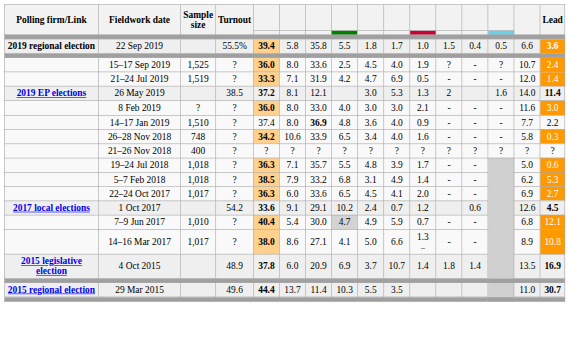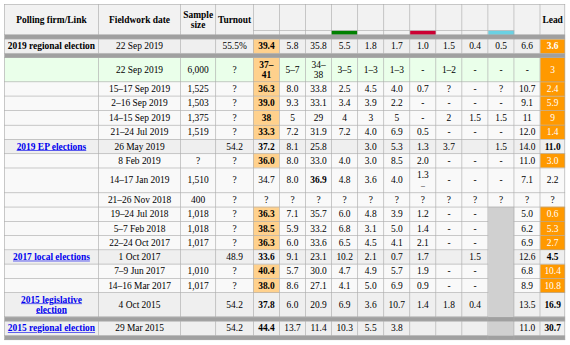 <table class="wikitable collapsible sortable" style="text-align:center; font-size:95%; line-height:16px;">
 <tr style="height:42px;">
 <th style="width:145px;" rowspan="2">Polling firm/Link</th>
 <th style="width:125px;" rowspan="2">Fieldwork date</th>
 <th class="unsortable" style="width:50px;" rowspan="2">Sample size</th>
 <th class="unsortable" style="width:45px;" rowspan="2">Turnout</th>
 <th class="unsortable" style="width:35px;"></th>
 <th class="unsortable" style="width:35px;"></th>
 <th class="unsortable" style="width:35px;"></th>
 <th class="unsortable" style="width:35px;"></th>
 <th class="unsortable" style="width:35px;"></th>
 <th class="unsortable" style="width:35px;"></th>
 <th class="unsortable" style="width:35px;"></th>
 <th class="unsortable" style="width:35px;"></th>
 <th class="unsortable" style="width:35px;"></th>
 <th class="unsortable" style="width:35px;"></th>
 <th class="unsortable" style="width:35px;" rowspan="2"></th>
 <th class="unsortable" style="width:30px;" rowspan="2">Lead</th>
 </tr>
 <tr>
 <th class="unsortable" style="color:inherit;background:"></th>
 <th class="unsortable" style="color:inherit;background:"></th>
 <th class="unsortable" style="color:inherit;background:"></th>
 <th class="unsortable" style="color:inherit;background:green;"></th>
 <th class="unsortable" style="color:inherit;background:"></th>
 <th class="unsortable" style="color:inherit;background:"></th>
 <th class="unsortable" style="color:inherit;background:#CC0033;"></th>
 <th class="unsortable" style="color:inherit;background:"></th>
 <th class="unsortable" style="color:inherit;background:"></th>
 <th class="unsortable" style="color:inherit;background:#6AD1E3;"></th>
 </tr>
 <tr>
 <td colspan="16" style="background:#A0A0A0"></td>
 </tr>
 <tr style="background:#EFEFEF;">
 <td><strong>2019 regional election</strong></td>
 <td>22 Sep 2019</td>
 <td></td>
 <td align="center">55.5%</td>
 <td style="background:#FFD18D"><strong>39.4</strong><br></td>
 <td>5.8<br></td>
 <td>35.8<br></td>
 <td>5.5<br></td>
 <td>1.8<br></td>
 <td>1.7<br></td>
 <td>1.0<br></td>
 <td>1.5<br></td>
 <td>0.4<br></td>
 <td>0.5<br></td>
 <td>6.6<br></td>
 <td style="background:#FF9900; color:white"><strong>3.6</strong></td>
 </tr>
 <tr>
 <td colspan="16" style="background:#A0A0A0"></td>
 </tr>
+<tr style="background:#EAFFEA"|>
+<td></td>
+<td data-sort-value="2019-02-08">22 Sep 2019</td>
+<td>6,000</td>
+<td>?</td>
+<td style="background:#FFD18D"><strong>37–41</strong><br></td>
+<td>5–7<br></td>
+<td>34–38<br></td>
+<td>3–5<br></td>
+<td>1–3<br></td>
+<td>1–3<br></td>
+<td>-</td>
+<td>1–2<br></td>
+<td>-</td>
+<td>-</td>
+<td>-</td>
+<td style="background:#FF9900; color:white">3</td>
+</tr>
 <tr>
 <td></td>
 <td data-sort-value="2019-07-24">15–17 Sep 2019</td>
 <td>1,525</td>
 <td>?</td>
-<td style="background:#FFD18D"><strong>36.0</strong><br></td>
+<td style="background:#FFD18D"><strong>36.3</strong><br></td>
 <td>8.0<br></td>
-<td>33.6<br></td>
+<td>33.8<br></td>
 <td>2.5<br></td>
 <td>4.5<br></td>
 <td>4.0<br></td>
-<td>1.9<br></td>
+<td>0.7<br></td>
 <td>?<br></td>
 <td>-</td>
 <td>?<br></td>
 <td>10.7<br></td>
 <td style="background:#FF9900; color:white">2.4</td>
 </tr>
 <tr>
 <td></td>
+<td data-sort-value="2019-02-08">2–16 Sep 2019</td>
+<td>1,503</td>
+<td>?</td>
+<td style="background:#FFD18D"><strong>39.0</strong><br></td>
+<td>9.3<br></td>
+<td>33.1<br></td>
+<td>3.4<br></td>
+<td>3.9<br></td>
+<td>2.2<br></td>
+<td>-</td>
+<td>-</td>
+<td>-</td>
+<td>-</td>
+<td>9.1<br></td>
+<td style="background:#FF9900; color:white">5.9</td>
+</tr>
+<tr>
+<td></td>
+<td data-sort-value="2019-02-08">14–15 Sep 2019</td>
+<td>1,375</td>
+<td>?</td>
+<td style="background:#FFD18D"><strong>38</strong><br></td>
+<td>5<br></td>
+<td>29<br></td>
+<td>4<br></td>
+<td>3<br></td>
+<td>5<br></td>
+<td>-</td>
+<td>2<br></td>
+<td>1.5<br></td>
+<td>1.5<br></td>
+<td>11<br></td>
+<td style="background:#FF9900; color:white">9</td>
+</tr>
+<tr>
+<td></td>
 <td data-sort-value="2019-07-24">21–24 Jul 2019</td>
 <td>1,519</td>
 <td>?</td>
 <td style="background:#FFD18D"><strong>33.3</strong><br></td>
-<td>7.1<br></td>
+<td>7.2<br></td>
 <td>31.9<br></td>
-<td>4.2<br></td>
-<td>4.7<br></td>
+<td>7.2<br></td>
+<td>4.0<br></td>
 <td>6.9<br></td>
 <td>0.5<br></td>
 <td>-</td>
 <td>-</td>
 <td>-</td>
 <td>12.0<br></td>
 <td style="background:#FF9900; color:white">1.4</td>
 </tr>
 <tr style="background:#EFEFEF;">
 <td><strong><a href='#'>2019 EP elections</a></strong></td>
 <td data-sort-value="2019-05-26">26 May 2019</td>
 <td></td>
-<td>38.5</td>
+<td>54.2</td>
 <td><strong>37.2</strong><br></td>
 <td>8.1<br></td>
-<td>12.1<br></td>
+<td>25.8<br></td>
 <td></td>
 <td>3.0<br></td>
 <td>5.3<br></td>
 <td>1.3<br></td>
-<td>2<br></td>
+<td>3.7<br></td>
 <td></td>
-<td>1.6<br></td>
+<td>1.5<br></td>
 <td>14.0<br></td>
-<td style="background:"><strong>11.4</strong></td>
+<td style="background:"><strong>11.0</strong></td>
 </tr>
 <tr>
 <td></td>
 <td data-sort-value="2019-02-08">8 Feb 2019</td>
 <td>?</td>
 <td>?</td>
 <td style="background:#FFD18D"><strong>36.0</strong><br></td>
 <td>8.0<br></td>
 <td>33.0<br></td>
 <td>4.0<br></td>
 <td>3.0<br></td>
-<td>3.0<br></td>
-<td>2.1<br></td>
+<td>8.5<br></td>
+<td>2.0<br></td>
 <td>-</td>
 <td>-</td>
 <td>-</td>
-<td>11.6<br></td>
+<td>11.0<br></td>
 <td style="background:#FF9900; color:white">3.0</td>
 </tr>
 <tr>
 <td></td>
 <td data-sort-value="2019-01-17">14–17 Jan 2019</td>
 <td>1,510</td>
 <td>?</td>
-<td>37.4<br></td>
+<td>34.7<br></td>
 <td>8.0<br></td>
 <td><strong>36.9</strong><br></td>
 <td>4.8<br></td>
 <td>3.6<br></td>
 <td>4.0<br></td>
-<td>0.9<br></td>
+<td>1.3<br><small>–</small></td>
 <td>-</td>
 <td>-</td>
 <td>-</td>
-<td>7.7<br></td>
+<td>7.1<br></td>
 <td style="background:">2.2</td>
-</tr>
-<tr>
-<td></td>
-<td data-sort-value="2018-11-28">26–28 Nov 2018</td>
-<td>748</td>
-<td>?</td>
-<td style="background:#FFD18D"><strong>34.2</strong><br></td>
-<td>10.6<br></td>
-<td>33.9<br></td>
-<td>6.5<br></td>
-<td>3.4<br></td>
-<td>4.0<br></td>
-<td>1.6<br></td>
-<td>-</td>
-<td>-</td>
-<td>-</td>
-<td>5.8<br></td>
-<td style="background:#FF9900; color:white">0.3</td>
 </tr>
 <tr>
 <td></td>
 <td data-sort-value="2018-11-26">21–26 Nov 2018</td>
 <td>400</td>
 <td>?</td>
 <td>?<br></td>
 <td>?<br></td>
 <td>?<br></td>
 <td>?<br></td>
 <td>?<br></td>
 <td>?<br></td>
 <td>?<br></td>
 <td>?<br></td>
 <td>?<br></td>
 <td>?<br></td>
 <td>?<br></td>
 <td style="background:">?</td>
 </tr>
 <tr>
 <td></td>
 <td data-sort-value="2018-07-24">19–24 Jul 2018</td>
 <td>1,018</td>
 <td>?</td>
 <td style="background:#FFD18D"><strong>36.3</strong><br></td>
 <td>7.1<br></td>
 <td>35.7<br></td>
-<td>5.5<br></td>
+<td>6.0<br></td>
 <td>4.8<br></td>
 <td>3.9<br></td>
-<td>1.7<br></td>
+<td>1.2<br></td>
 <td>-</td>
 <td>-</td>
 <td rowspan="10" style="background:#D0D0D0; width:1px;"></td>
 <td>5.0<br></td>
 <td style="background:#FF9900; color:white">0.6</td>
 </tr>
 <tr>
 <td></td>
 <td data-sort-value="2018-02-05">5–7 Feb 2018</td>
 <td>1,018</td>
 <td>?</td>
 <td style="background:#FFD18D"><strong>38.5</strong><br></td>
-<td>7.9<br></td>
+<td>5.9<br></td>
 <td>33.2<br></td>
 <td>6.8<br></td>
 <td>3.1<br></td>
-<td>4.9<br></td>
+<td>5.0<br></td>
 <td>1.4<br></td>
 <td>-</td>
 <td>-</td>
 <td>6.2<br></td>
 <td style="background:#FF9900; color:white">5.3</td>
 </tr>
 <tr>
 <td></td>
 <td data-sort-value="2017-10-24">22–24 Oct 2017</td>
 <td>1,017</td>
 <td>?</td>
 <td style="background:#FFD18D"><strong>36.3</strong><br></td>
 <td>6.0<br></td>
 <td>33.6<br></td>
 <td>6.5<br></td>
 <td>4.5<br></td>
 <td>4.1<br></td>
-<td>2.0<br></td>
+<td>2.1<br></td>
 <td>-</td>
 <td>-</td>
 <td>6.9<br></td>
 <td style="background:#FF9900; color:white">2.7</td>
 </tr>
 <tr style="background:#EFEFEF;">
 <td><strong><a href='#'>2017 local elections</a></strong></td>
 <td data-sort-value="2017-10-01">1 Oct 2017</td>
 <td></td>
-<td>54.2</td>
+<td>48.9</td>
 <td><strong>33.6</strong><br></td>
 <td>9.1<br></td>
-<td>29.1<br></td>
+<td>23.1<br></td>
 <td>10.2<br></td>
-<td>2.4<br></td>
+<td>2.1<br></td>
 <td>0.7<br></td>
-<td>1.2<br></td>
+<td>1.7<br></td>
 <td></td>
-<td>0.6<br></td>
+<td>1.5<br></td>
 <td>12.6<br></td>
 <td style="background:"><strong>4.5</strong></td>
 </tr>
 <tr>
 <td></td>
 <td data-sort-value="2017-06-17">7–9 Jun 2017</td>
 <td>1,010</td>
 <td>?</td>
 <td style="background:#FFD18D"><strong>40.4</strong><br></td>
-<td>5.4<br></td>
+<td>5.7<br></td>
 <td>30.0<br></td>
-<td style="background: lightgrey;">4.7<br></td>
+<td>4.7<br></td>
 <td>4.9<br></td>
-<td>5.9<br></td>
-<td>0.7<br></td>
+<td>5.7<br></td>
+<td>1.9<br></td>
 <td>-</td>
 <td>-</td>
 <td>6.8<br></td>
-<td style="background:#FF9900; color:white">12.1</td>
+<td style="background:#FF9900; color:white">10.4</td>
 </tr>
 <tr>
 <td></td>
 <td data-sort-value="2017-03-16">14–16 Mar 2017</td>
 <td>1,017</td>
 <td>?</td>
 <td style="background:#FFD18D"><strong>38.0</strong><br></td>
 <td>8.6<br></td>
 <td>27.1<br></td>
 <td>4.1<br></td>
 <td>5.0<br></td>
-<td>6.6</td>
-<td>1.3<br><small>–</small></td>
+<td>6.9</td>
+<td>0.9<br></td>
 <td>-</td>
 <td>-</td>
 <td>8.9</td>
 <td style="background:#FF9900; color:white">10.8</td>
 </tr>
 <tr style="background:#EFEFEF;">
 <td><strong><a href='#'>2015 legislative election</a></strong></td>
 <td data-sort-value="2015-10-04">4 Oct 2015</td>
 <td></td>
-<td>48.9</td>
+<td>54.2</td>
 <td><strong>37.8</strong><br></td>
 <td>6.0<br></td>
 <td>20.9<br></td>
 <td>6.9<br></td>
-<td>3.7<br></td>
+<td>3.6<br></td>
 <td>10.7<br></td>
 <td>1.4<br></td>
 <td>1.8<br></td>
-<td>1.4<br></td>
+<td>0.4<br></td>
 <td>13.5<br></td>
 <td style="background:"><strong>16.9</strong></td>
 </tr>
 <tr>
 <td colspan="16" style="background:#A0A0A0"></td>
 </tr>
 <tr style="background:#EFEFEF;">
 <td><strong><a href='#'>2015 regional election</a></strong></td>
 <td data-sort-value="2015-03-29">29 Mar 2015</td>
 <td></td>
-<td>49.6</td>
+<td>54.2</td>
 <td><strong>44.4</strong><br></td>
 <td>13.7<br></td>
 <td>11.4<br></td>
 <td>10.3<br></td>
 <td>5.5<br></td>
-<td>3.5<br></td>
+<td>3.8<br></td>
 <td><br></td>
 <td><br></td>
 <td><br></td>
 <td>11.0<br></td>
 <td style="background:"><strong>30.7</strong></td>
 </tr>
 <tr>
 <td colspan="16" style="background:#A0A0A0"></td>
 </tr>
 </table>
